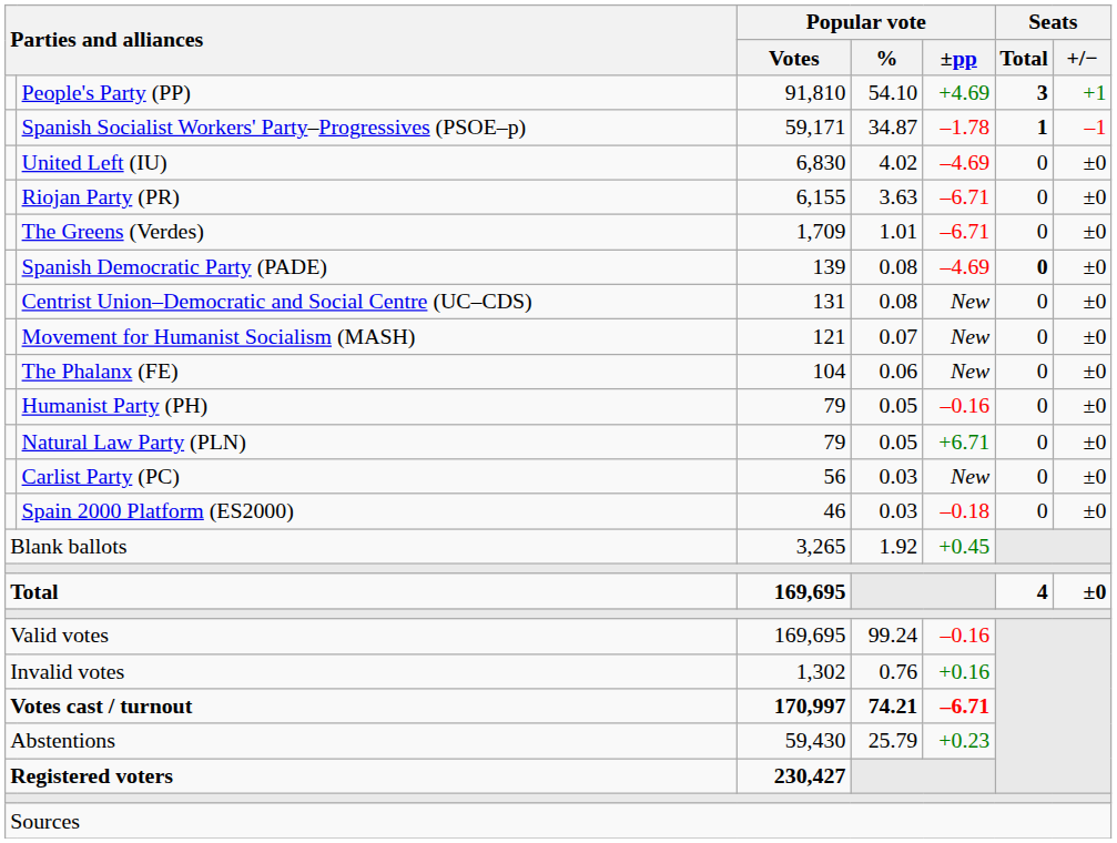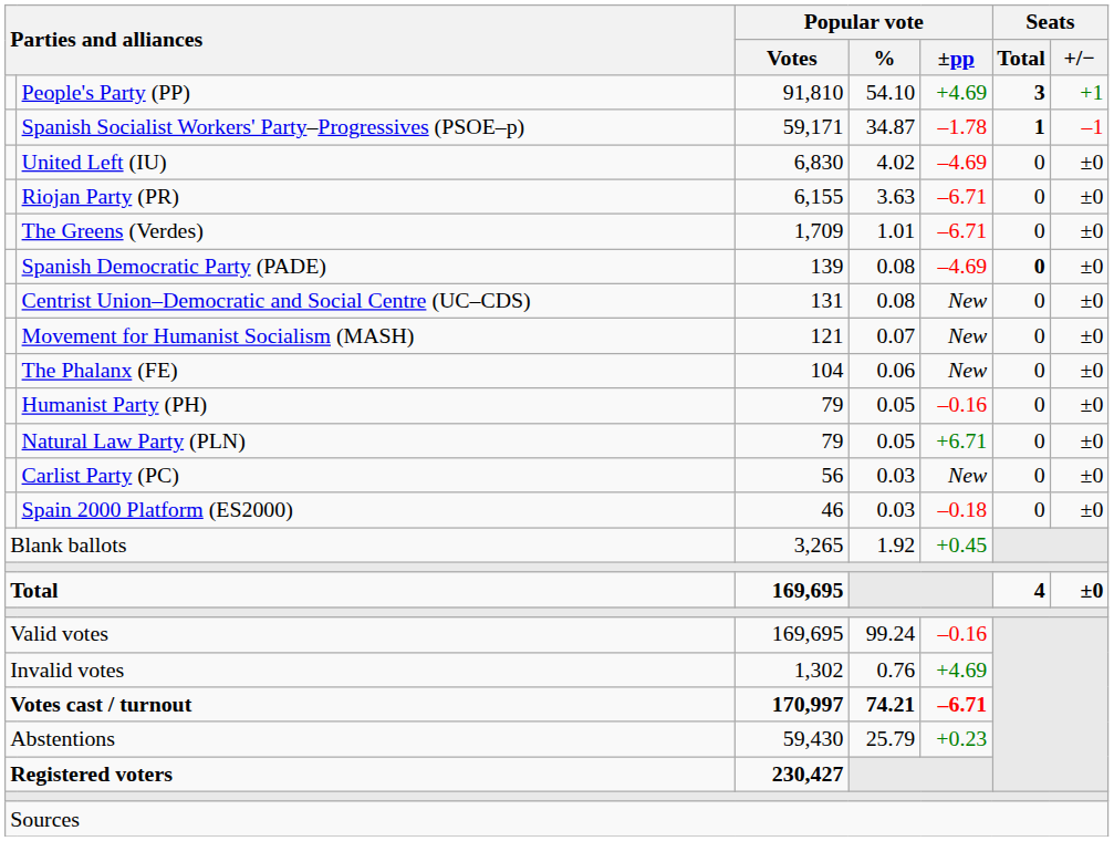 <table class="wikitable" style="text-align:right;">
 <tr>
 <th style="text-align:left;" rowspan="2" colspan="2" width="525">Parties and alliances</th>
 <th colspan="3">Popular vote</th>
 <th colspan="2">Seats</th>
 </tr>
 <tr>
 <th width="75">Votes</th>
 <th width="45">%</th>
 <th width="45">±<a href='#'>pp</a></th>
 <th width="35">Total</th>
 <th width="35">+/−</th>
 </tr>
 <tr>
 <td width="1" style="color:inherit;background:"></td>
 <td align="left"><a href='#'>People's Party</a> (PP)</td>
 <td>91,810</td>
 <td>54.10</td>
 <td style="color:green;">+4.69</td>
 <td><strong>3</strong></td>
 <td style="color:green;">+1</td>
 </tr>
 <tr>
 <td style="color:inherit;background:"></td>
 <td align="left"><a href='#'>Spanish Socialist Workers' Party</a>–<a href='#'>Progressives</a> (PSOE–p)</td>
 <td>59,171</td>
 <td>34.87</td>
 <td style="color:red;">–1.78</td>
 <td><strong>1</strong></td>
 <td style="color:red;">–1</td>
 </tr>
 <tr>
 <td style="color:inherit;background:"></td>
 <td align="left"><a href='#'>United Left</a> (IU)</td>
 <td>6,830</td>
 <td>4.02</td>
 <td style="color:red;">–4.69</td>
 <td>0</td>
 <td>±0</td>
 </tr>
 <tr>
 <td style="color:inherit;background:"></td>
 <td align="left"><a href='#'>Riojan Party</a> (PR)</td>
 <td>6,155</td>
 <td>3.63</td>
 <td style="color:red;">–6.71</td>
 <td>0</td>
 <td>±0</td>
 </tr>
 <tr>
 <td style="color:inherit;background:"></td>
 <td align="left"><a href='#'>The Greens</a> (Verdes)</td>
 <td>1,709</td>
 <td>1.01</td>
 <td style="color:red;">–6.71</td>
 <td>0</td>
 <td>±0</td>
 </tr>
 <tr>
 <td style="color:inherit;background:"></td>
 <td align="left"><a href='#'>Spanish Democratic Party</a> (PADE)</td>
 <td>139</td>
 <td>0.08</td>
 <td style="color:red;">–4.69</td>
 <td><strong>0</strong></td>
 <td>±0</td>
 </tr>
 <tr>
 <td style="color:inherit;background:"></td>
 <td align="left"><a href='#'>Centrist Union–Democratic and Social Centre</a> (UC–CDS)</td>
 <td>131</td>
 <td>0.08</td>
 <td><em>New</em></td>
 <td>0</td>
 <td>±0</td>
 </tr>
 <tr>
 <td style="color:inherit;background:"></td>
 <td align="left"><a href='#'>Movement for Humanist Socialism</a> (MASH)</td>
 <td>121</td>
 <td>0.07</td>
 <td><em>New</em></td>
 <td>0</td>
 <td>±0</td>
 </tr>
 <tr>
 <td style="color:inherit;background:"></td>
 <td align="left"><a href='#'>The Phalanx</a> (FE)</td>
 <td>104</td>
 <td>0.06</td>
 <td><em>New</em></td>
 <td>0</td>
 <td>±0</td>
 </tr>
 <tr>
 <td style="color:inherit;background:"></td>
 <td align="left"><a href='#'>Humanist Party</a> (PH)</td>
 <td>79</td>
 <td>0.05</td>
 <td style="color:red;">–0.16</td>
 <td>0</td>
 <td>±0</td>
 </tr>
 <tr>
 <td style="color:inherit;background:"></td>
 <td align="left"><a href='#'>Natural Law Party</a> (PLN)</td>
 <td>79</td>
 <td>0.05</td>
 <td style="color:green;">+6.71</td>
 <td>0</td>
 <td>±0</td>
 </tr>
 <tr>
 <td style="color:inherit;background:"></td>
 <td align="left"><a href='#'>Carlist Party</a> (PC)</td>
 <td>56</td>
 <td>0.03</td>
 <td><em>New</em></td>
 <td>0</td>
 <td>±0</td>
 </tr>
 <tr>
 <td style="color:inherit;background:"></td>
 <td align="left"><a href='#'>Spain 2000 Platform</a> (ES2000)</td>
 <td>46</td>
 <td>0.03</td>
 <td style="color:red;">–0.18</td>
 <td>0</td>
 <td>±0</td>
 </tr>
 <tr>
 <td align="left" colspan="2">Blank ballots</td>
 <td>3,265</td>
 <td>1.92</td>
 <td style="color:green;">+0.45</td>
 <td bgcolor="#E9E9E9" colspan="2"></td>
 </tr>
 <tr>
 <td colspan="7" bgcolor="#E9E9E9"></td>
 </tr>
 <tr style="font-weight:bold;">
 <td align="left" colspan="2">Total</td>
 <td>169,695</td>
 <td bgcolor="#E9E9E9" colspan="2"></td>
 <td>4</td>
 <td>±0</td>
 </tr>
 <tr>
 <td colspan="7" bgcolor="#E9E9E9"></td>
 </tr>
 <tr>
 <td align="left" colspan="2">Valid votes</td>
 <td>169,695</td>
 <td>99.24</td>
 <td style="color:red;">–0.16</td>
 <td bgcolor="#E9E9E9" colspan="2" rowspan="5"></td>
 </tr>
 <tr>
 <td align="left" colspan="2">Invalid votes</td>
 <td>1,302</td>
 <td>0.76</td>
-<td style="color:green;">+0.16</td>
+<td style="color:green;">+4.69</td>
 </tr>
 <tr style="font-weight:bold;">
 <td align="left" colspan="2">Votes cast / turnout</td>
 <td>170,997</td>
 <td>74.21</td>
 <td style="color:red;">–6.71</td>
 </tr>
 <tr>
 <td align="left" colspan="2">Abstentions</td>
 <td>59,430</td>
 <td>25.79</td>
 <td style="color:green;">+0.23</td>
 </tr>
 <tr style="font-weight:bold;">
 <td align="left" colspan="2">Registered voters</td>
 <td>230,427</td>
 <td bgcolor="#E9E9E9" colspan="2"></td>
 </tr>
 <tr>
 <td colspan="7" bgcolor="#E9E9E9"></td>
 </tr>
 <tr>
 <td align="left" colspan="7">Sources</td>
 </tr>
 </table>
